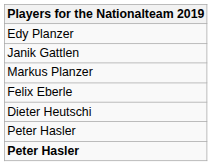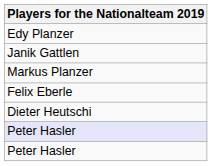 <table class="wikitable">
 <tr>
 <th> <strong>Players for the Nationalteam 2019</strong></th>
 </tr>
 <tr>
 <td> Edy Planzer</td>
 </tr>
 <tr>
 <td> Janik Gattlen</td>
 </tr>
 <tr>
 <td> Markus Planzer</td>
 </tr>
 <tr>
 <td> Felix Eberle</td>
 </tr>
 <tr>
 <td> Dieter Heutschi</td>
 </tr>
 <tr>
+<td style="background: lavender;"> Peter Hasler</td>
+</tr>
+<tr>
 <td> Peter Hasler</td>
 </tr>
-<tr>
-<td><strong> Peter Hasler</strong></td>
-</tr>
 </table>
